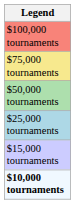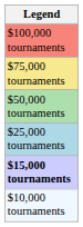 <table class="wikitable" style="font-size:85%;" width=14%>
 <tr>
 <th>Legend</th>
 </tr>
 <tr bgcolor="#F88379">
 <td>$100,000 tournaments</td>
 </tr>
 <tr bgcolor="#F7E98E">
 <td>$75,000 tournaments</td>
 </tr>
 <tr bgcolor="#ADDFAD">
 <td>$50,000 tournaments</td>
 </tr>
 <tr bgcolor="lightblue">
 <td>$25,000 tournaments</td>
 </tr>
 <tr bgcolor=#ccccff>
-<td>$15,000 tournaments</td>
+<td><strong>$15,000 tournaments</strong></td>
 </tr>
 <tr bgcolor="#f0f8ff">
-<td><strong>$10,000 tournaments</strong></td>
+<td>$10,000 tournaments</td>
 </tr>
 </table>
